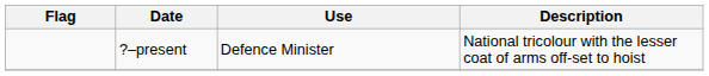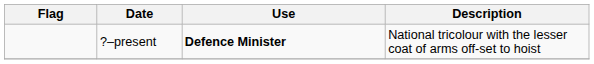 <table class="wikitable">
 <tr>
 <th style="width:110px;">Flag</th>
 <th style="width:100px;">Date</th>
 <th style="width:250px;">Use</th>
 <th style="width:250px;">Description</th>
 </tr>
 <tr>
 <td></td>
 <td>?–present</td>
-<td>Defence Minister</td>
+<td><strong>Defence Minister</strong></td>
 <td>National tricolour with the lesser coat of arms off-set to hoist</td>
 </tr>
 <tr>
 </tr>
 </table>
